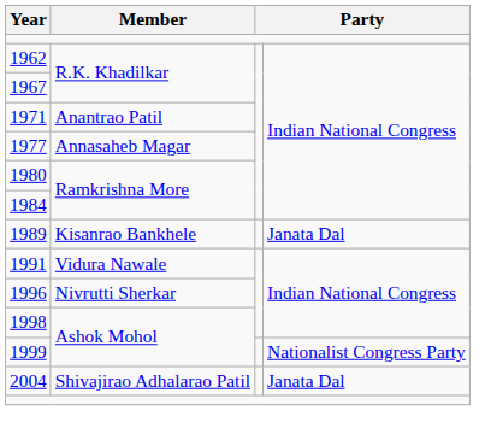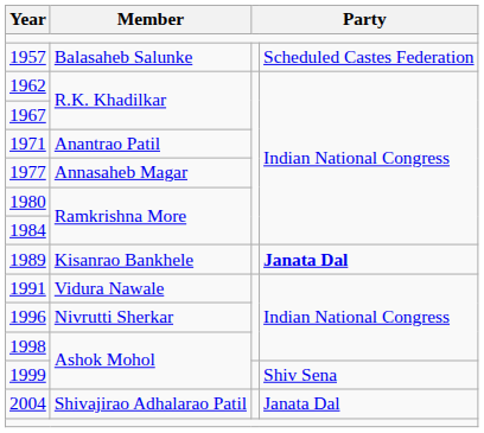 <table class="wikitable">
 <tr>
 <th>Year</th>
 <th>Member</th>
 <th colspan="2">Party</th>
 </tr>
 <tr>
 <td colspan="4"></td>
+</tr>
+<tr>
+<td><a href='#'>1957</a></td>
+<td><a href='#'>Balasaheb Salunke</a></td>
+<td style="background-color: "></td>
+<td><a href='#'>Scheduled Castes Federation</a></td>
 </tr>
 <tr>
 <td><a href='#'>1962</a></td>
 <td rowspan="2"><a href='#'>R.K. Khadilkar</a></td>
 <td rowspan="6" style="background-color: "></td>
 <td rowspan="6"><a href='#'>Indian National Congress</a></td>
 </tr>
 <tr>
 <td><a href='#'>1967</a></td>
 </tr>
 <tr>
 <td><a href='#'>1971</a></td>
 <td><a href='#'>Anantrao Patil</a></td>
 </tr>
 <tr>
 <td><a href='#'>1977</a></td>
 <td><a href='#'>Annasaheb Magar</a></td>
 </tr>
 <tr>
 <td><a href='#'>1980</a></td>
 <td rowspan="2"><a href='#'>Ramkrishna More</a></td>
 </tr>
 <tr>
 <td><a href='#'>1984</a></td>
 </tr>
 <tr>
 <td><a href='#'>1989</a></td>
 <td><a href='#'>Kisanrao Bankhele</a></td>
 <td style="background-color: "></td>
-<td><a href='#'>Janata Dal</a></td>
+<td><strong><a href='#'>Janata Dal</a></strong></td>
 </tr>
 <tr>
 <td><a href='#'>1991</a></td>
 <td><a href='#'>Vidura Nawale</a></td>
 <td rowspan="3" style="background-color: "></td>
 <td rowspan="3"><a href='#'>Indian National Congress</a></td>
 </tr>
 <tr>
 <td><a href='#'>1996</a></td>
 <td><a href='#'>Nivrutti Sherkar</a></td>
 </tr>
 <tr>
 <td><a href='#'>1998</a></td>
 <td rowspan="2"><a href='#'>Ashok Mohol</a></td>
 </tr>
 <tr>
 <td><a href='#'>1999</a></td>
 <td style="background-color: "></td>
-<td><a href='#'>Nationalist Congress Party</a></td>
+<td><a href='#'>Shiv Sena</a></td>
 </tr>
 <tr>
 <td><a href='#'>2004</a></td>
 <td><a href='#'>Shivajirao Adhalarao Patil</a></td>
 <td style="background-color: "></td>
 <td><a href='#'>Janata Dal</a></td>
 </tr>
 <tr>
 <td colspan="4"></td>
 </tr>
 </table>
